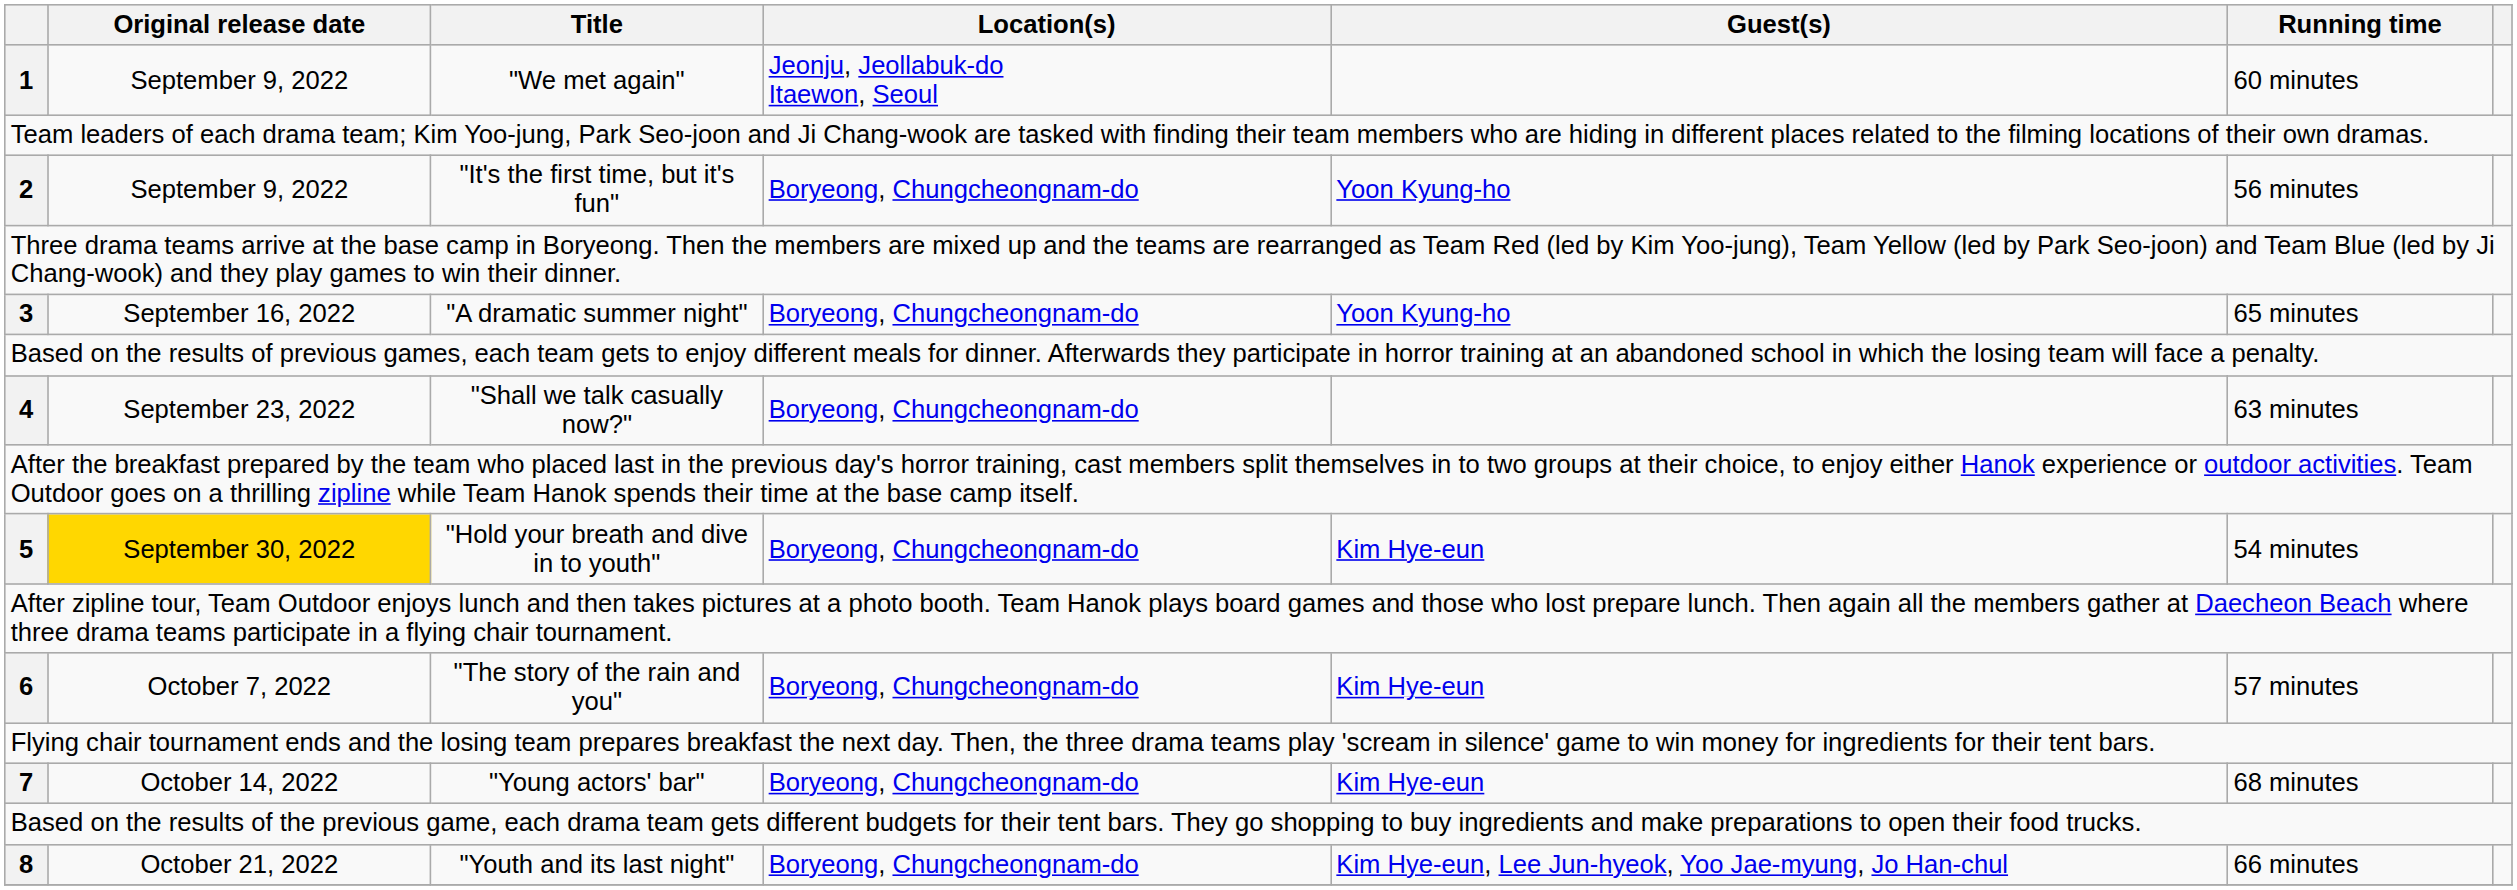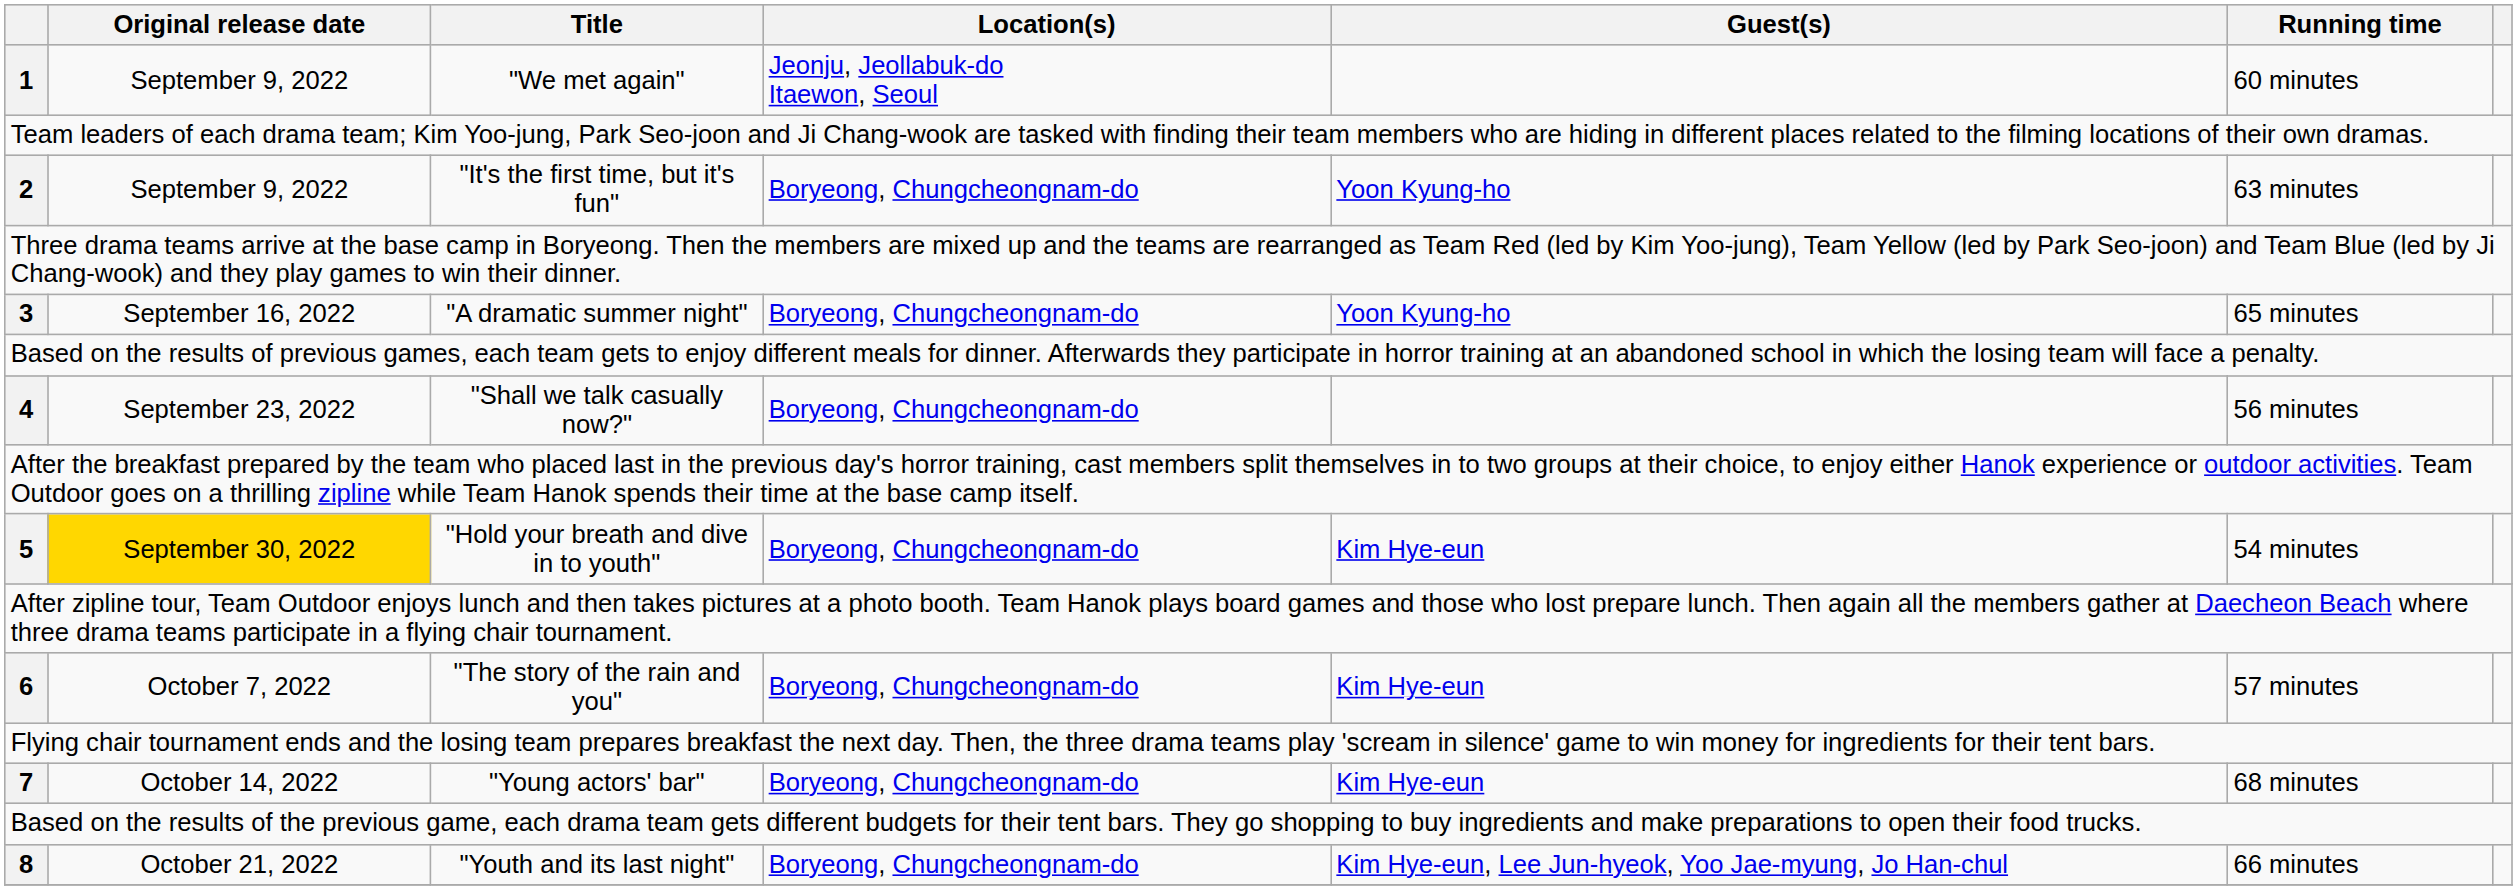 <table class="wikitable" style="text-align:center">
 <tr>
 <th></th>
 <th>Original release date</th>
 <th style="width: 200px;">Title</th>
 <th>Location(s)</th>
 <th>Guest(s)</th>
 <th>Running time</th>
 <th></th>
 </tr>
 <tr>
 <th>1</th>
 <td>September 9, 2022</td>
 <td>"We met again" <br></td>
 <td style="text-align:left;"><a href='#'>Jeonju</a>, <a href='#'>Jeollabuk-do</a><br> <a href='#'>Itaewon</a>, <a href='#'>Seoul</a></td>
 <td style="text-align:left;"></td>
 <td style="text-align:left;">60 minutes</td>
 <td></td>
 </tr>
 <tr>
 <td style="text-align:left;" colspan="7">Team leaders of each drama team; Kim Yoo-jung, Park Seo-joon and Ji Chang-wook are tasked with finding their team members who are hiding in different places related to the filming locations of their own dramas.</td>
 </tr>
 <tr>
 <th>2</th>
 <td>September 9, 2022</td>
 <td>"It's the first time, but it's fun" <br></td>
 <td style="text-align:left;"><a href='#'>Boryeong</a>, <a href='#'>Chungcheongnam-do</a></td>
 <td style="text-align:left;"><a href='#'>Yoon Kyung-ho</a></td>
-<td style="text-align:left;">56 minutes</td>
+<td style="text-align:left;">63 minutes</td>
 <td></td>
 </tr>
 <tr>
 <td style="text-align:left;" colspan="7">Three drama teams arrive at the base camp in Boryeong. Then the members are mixed up and the teams are rearranged as Team Red (led by Kim Yoo-jung), Team Yellow (led by Park Seo-joon) and Team Blue (led by Ji Chang-wook) and they play games to win their dinner.</td>
 </tr>
 <tr>
 <th>3</th>
 <td>September 16, 2022</td>
 <td>"A dramatic summer night" <br></td>
 <td style="text-align:left;"><a href='#'>Boryeong</a>, <a href='#'>Chungcheongnam-do</a></td>
 <td style="text-align:left;"><a href='#'>Yoon Kyung-ho</a></td>
 <td style="text-align:left;">65 minutes</td>
 <td></td>
 </tr>
 <tr>
 <td style="text-align:left;" colspan="7">Based on the results of previous games, each team gets to enjoy different meals for dinner. Afterwards they participate in horror training at an abandoned school in which the losing team will face a penalty.</td>
 </tr>
 <tr>
 <th>4</th>
 <td>September 23, 2022</td>
 <td>"Shall we talk casually now?"<br></td>
 <td style="text-align:left;"><a href='#'>Boryeong</a>, <a href='#'>Chungcheongnam-do</a></td>
 <td style="text-align:left;"></td>
-<td style="text-align:left;">63 minutes</td>
+<td style="text-align:left;">56 minutes</td>
 <td></td>
 </tr>
 <tr>
 <td style="text-align:left;" colspan="7">After the breakfast prepared by the team who placed last in the previous day's horror training, cast members split themselves in to two groups at their choice, to enjoy either <a href='#'>Hanok</a> experience or <a href='#'>outdoor activities</a>. Team Outdoor goes on a thrilling <a href='#'>zipline</a> while Team Hanok spends their time at the base camp itself.</td>
 </tr>
 <tr>
 <th>5</th>
 <td style="background: gold;">September 30, 2022</td>
 <td>"Hold your breath and dive in to youth"<br></td>
 <td style="text-align:left;"><a href='#'>Boryeong</a>, <a href='#'>Chungcheongnam-do</a></td>
 <td style="text-align:left;"><a href='#'>Kim Hye-eun</a></td>
 <td style="text-align:left;">54 minutes</td>
 <td></td>
 </tr>
 <tr>
 <td style="text-align:left;" colspan="7">After zipline tour, Team Outdoor enjoys lunch and then takes pictures at a photo booth. Team Hanok plays board games and those who lost prepare lunch. Then again all the members gather at <a href='#'>Daecheon Beach</a> where three drama teams participate in a flying chair tournament.</td>
 </tr>
 <tr>
 <th>6</th>
 <td>October 7, 2022</td>
 <td>"The story of the rain and you"<br></td>
 <td style="text-align:left;"><a href='#'>Boryeong</a>, <a href='#'>Chungcheongnam-do</a></td>
 <td style="text-align:left;"><a href='#'>Kim Hye-eun</a></td>
 <td style="text-align:left;">57 minutes</td>
 <td></td>
 </tr>
 <tr>
 <td style="text-align:left;" colspan="7">Flying chair tournament ends and the losing team prepares breakfast the next day. Then, the three drama teams play 'scream in silence' game to win money for ingredients for their tent bars.</td>
 </tr>
 <tr>
 <th>7</th>
 <td>October 14, 2022</td>
 <td>"Young actors' bar"<br></td>
 <td style="text-align:left;"><a href='#'>Boryeong</a>, <a href='#'>Chungcheongnam-do</a></td>
 <td style="text-align:left;"><a href='#'>Kim Hye-eun</a></td>
 <td style="text-align:left;">68 minutes</td>
 <td></td>
 </tr>
 <tr>
 <td style="text-align:left;" colspan="7">Based on the results of the previous game, each drama team gets different budgets for their tent bars. They go shopping to buy ingredients and make preparations to open their food trucks.</td>
 </tr>
 <tr>
 <th>8</th>
 <td>October 21, 2022</td>
 <td>"Youth and its last night"<br></td>
 <td style="text-align:left;"><a href='#'>Boryeong</a>, <a href='#'>Chungcheongnam-do</a></td>
 <td style="text-align:left;"><a href='#'>Kim Hye-eun</a>, <a href='#'>Lee Jun-hyeok</a>, <a href='#'>Yoo Jae-myung</a>, <a href='#'>Jo Han-chul</a></td>
 <td style="text-align:left;">66 minutes</td>
 <td></td>
 </tr>
 <tr>
 </tr>
 </table>
